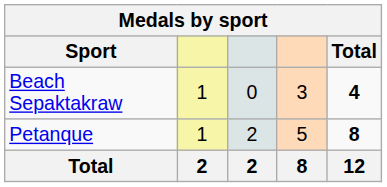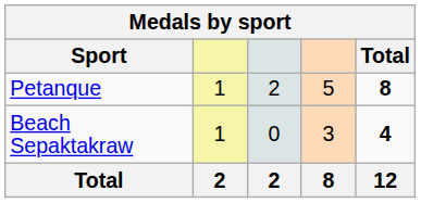 <table class="wikitable" style="font-size:90%; text-align:center;">
 <tr>
 <th colspan=5>Medals by sport</th>
 </tr>
 <tr>
 <th width=120>Sport</th>
 <th scope="col" width=30 style="background:#F7F6A8;"></th>
 <th scope="col" width=30 style="background:#DCE5E5;"></th>
 <th scope="col" width=30 style="background:#FFDAB9;"></th>
 <th width=30>Total</th>
 </tr>
 <tr>
+<td align=left> <a href='#'>Petanque</a></td>
+<td style="background:#F7F6A8;">1</td>
+<td style="background:#DCE5E5;">2</td>
+<td style="background:#FFDAB9;">5</td>
+<td><strong>8</strong></td>
+</tr>
+<tr>
 <td align=left> <a href='#'>Beach Sepaktakraw</a></td>
 <td style="background:#F7F6A8;">1</td>
 <td style="background:#DCE5E5;">0</td>
 <td style="background:#FFDAB9;">3</td>
 <td><strong>4</strong></td>
-</tr>
-<tr>
-<td align=left> <a href='#'>Petanque</a></td>
-<td style="background:#F7F6A8;">1</td>
-<td style="background:#DCE5E5;">2</td>
-<td style="background:#FFDAB9;">5</td>
-<td><strong>8</strong></td>
 </tr>
 <tr class="sortbottom">
 <th>Total</th>
 <th>2</th>
 <th>2</th>
 <th>8</th>
 <th>12</th>
 </tr>
 </table>
